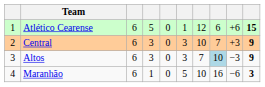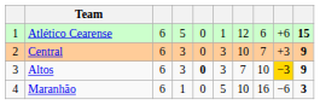 <table class="wikitable" style="text-align: center;">
 <tr>
 <th width=20></th>
 <th width=165>Team</th>
 <th width=20></th>
 <th width=20></th>
 <th width=20></th>
 <th width=20></th>
 <th width=20></th>
 <th width=20></th>
 <th width=20></th>
 <th width=20></th>
 </tr>
 <tr bgcolor=#ccffcc>
 <td>1</td>
 <td align=left> <a href='#'>Atlético Cearense</a></td>
 <td>6</td>
 <td>5</td>
 <td>0</td>
 <td>1</td>
 <td>12</td>
 <td>6</td>
 <td>+6</td>
 <td><strong>15</strong></td>
 </tr>
 <tr bgcolor=#ffcc99>
 <td>2</td>
 <td align=left> <a href='#'>Central</a></td>
 <td>6</td>
 <td>3</td>
 <td>0</td>
 <td>3</td>
 <td>10</td>
 <td>7</td>
 <td>+3</td>
 <td><strong>9</strong></td>
 </tr>
 <tr>
 <td>3</td>
 <td align=left> <a href='#'>Altos</a></td>
 <td>6</td>
 <td>3</td>
-<td>0</td>
+<td><strong>0</strong></td>
 <td>3</td>
 <td>7</td>
-<td style="background: lightblue;">10</td>
-<td>−3</td>
+<td>10</td>
+<td style="background: gold;">−3</td>
 <td><strong>9</strong></td>
 </tr>
 <tr>
 <td>4</td>
 <td align=left> <a href='#'>Maranhão</a></td>
 <td>6</td>
 <td>1</td>
 <td>0</td>
 <td>5</td>
 <td>10</td>
 <td>16</td>
 <td>−6</td>
 <td><strong>3</strong></td>
 </tr>
 </table>
